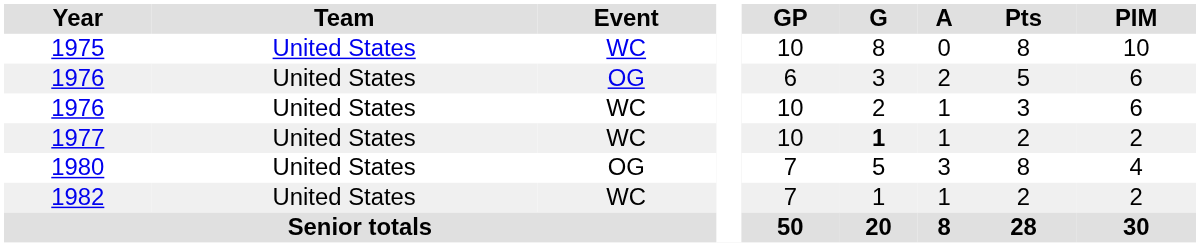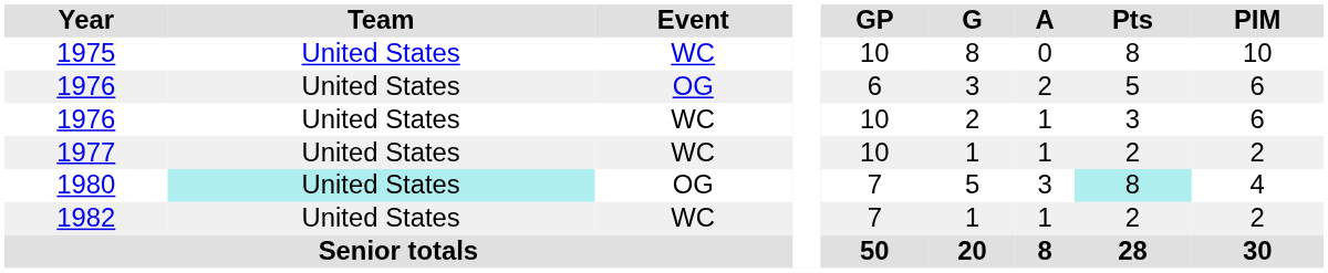 <table border="0" cellpadding="1" cellspacing="0" style="text-align:center; width:50em">
 <tr ALIGN="center" bgcolor="#e0e0e0">
 <th>Year</th>
 <th>Team</th>
 <th>Event</th>
 <th rowspan="99" bgcolor="#ffffff"> </th>
 <th>GP</th>
 <th>G</th>
 <th>A</th>
 <th>Pts</th>
 <th>PIM</th>
 </tr>
 <tr>
 <td><a href='#'>1975</a></td>
 <td><a href='#'>United States</a></td>
 <td><a href='#'>WC</a></td>
 <td>10</td>
 <td>8</td>
 <td>0</td>
 <td>8</td>
 <td>10</td>
 </tr>
 <tr bgcolor="#f0f0f0">
 <td><a href='#'>1976</a></td>
 <td>United States</td>
 <td><a href='#'>OG</a></td>
 <td>6</td>
 <td>3</td>
 <td>2</td>
 <td>5</td>
 <td>6</td>
 </tr>
 <tr>
 <td><a href='#'>1976</a></td>
 <td>United States</td>
 <td>WC</td>
 <td>10</td>
 <td>2</td>
 <td>1</td>
 <td>3</td>
 <td>6</td>
 </tr>
 <tr bgcolor="#f0f0f0">
 <td><a href='#'>1977</a></td>
 <td>United States</td>
 <td>WC</td>
 <td>10</td>
-<td><strong>1</strong></td>
+<td>1</td>
 <td>1</td>
 <td>2</td>
 <td>2</td>
 </tr>
 <tr>
 <td><a href='#'>1980</a></td>
-<td>United States</td>
+<td style="background: paleturquoise;">United States</td>
 <td>OG</td>
 <td>7</td>
 <td>5</td>
 <td>3</td>
-<td>8</td>
+<td style="background: paleturquoise;">8</td>
 <td>4</td>
 </tr>
 <tr bgcolor="#f0f0f0">
 <td><a href='#'>1982</a></td>
 <td>United States</td>
 <td>WC</td>
 <td>7</td>
 <td>1</td>
 <td>1</td>
 <td>2</td>
 <td>2</td>
 </tr>
 <tr bgcolor="#e0e0e0">
 <th colspan=3>Senior totals</th>
 <th>50</th>
 <th>20</th>
 <th>8</th>
 <th>28</th>
 <th>30</th>
 </tr>
 </table>
